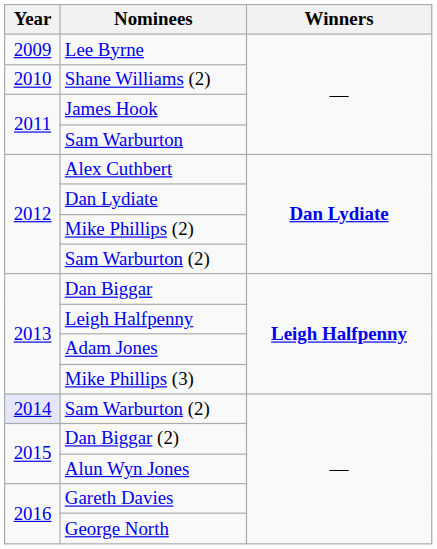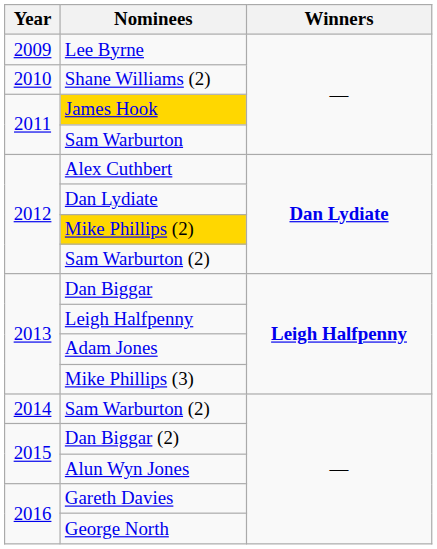 <table class="wikitable">
 <tr>
 <th width=40>Year</th>
 <th width=150>Nominees</th>
 <th width=150>Winners</th>
 </tr>
 <tr>
 <td align=center><a href='#'>2009</a></td>
 <td><a href='#'>Lee Byrne</a></td>
 <td align=center rowspan=4>—</td>
 </tr>
 <tr>
 <td align=center><a href='#'>2010</a></td>
 <td><a href='#'>Shane Williams</a> (2)</td>
 </tr>
 <tr>
 <td align=center rowspan=2><a href='#'>2011</a></td>
-<td><a href='#'>James Hook</a></td>
+<td style="background: gold;"><a href='#'>James Hook</a></td>
 </tr>
 <tr>
 <td><a href='#'>Sam Warburton</a></td>
 </tr>
 <tr>
 <td align=center rowspan=4><a href='#'>2012</a></td>
 <td><a href='#'>Alex Cuthbert</a></td>
 <td align=center rowspan=4><strong><a href='#'>Dan Lydiate</a></strong></td>
 </tr>
 <tr>
 <td><a href='#'>Dan Lydiate</a></td>
 </tr>
 <tr>
-<td><a href='#'>Mike Phillips</a> (2)</td>
+<td style="background: gold;"><a href='#'>Mike Phillips</a> (2)</td>
 </tr>
 <tr>
 <td><a href='#'>Sam Warburton</a> (2)</td>
 </tr>
 <tr>
 <td align=center rowspan=4><a href='#'>2013</a></td>
 <td><a href='#'>Dan Biggar</a></td>
 <td align=center rowspan=4><strong><a href='#'>Leigh Halfpenny</a></strong></td>
 </tr>
 <tr>
 <td><a href='#'>Leigh Halfpenny</a></td>
 </tr>
 <tr>
 <td><a href='#'>Adam Jones</a></td>
 </tr>
 <tr>
 <td><a href='#'>Mike Phillips</a> (3)</td>
 </tr>
 <tr>
-<td align=center style="background: lavender;"><a href='#'>2014</a></td>
+<td align=center><a href='#'>2014</a></td>
 <td><a href='#'>Sam Warburton</a> (2)</td>
 <td align=center rowspan=5>—</td>
 </tr>
 <tr>
 <td align=center rowspan=2><a href='#'>2015</a></td>
 <td><a href='#'>Dan Biggar</a> (2)</td>
 </tr>
 <tr>
 <td><a href='#'>Alun Wyn Jones</a></td>
 </tr>
 <tr>
 <td align=center rowspan=2><a href='#'>2016</a></td>
 <td><a href='#'>Gareth Davies</a></td>
 </tr>
 <tr>
 <td><a href='#'>George North</a></td>
 </tr>
 </table>
